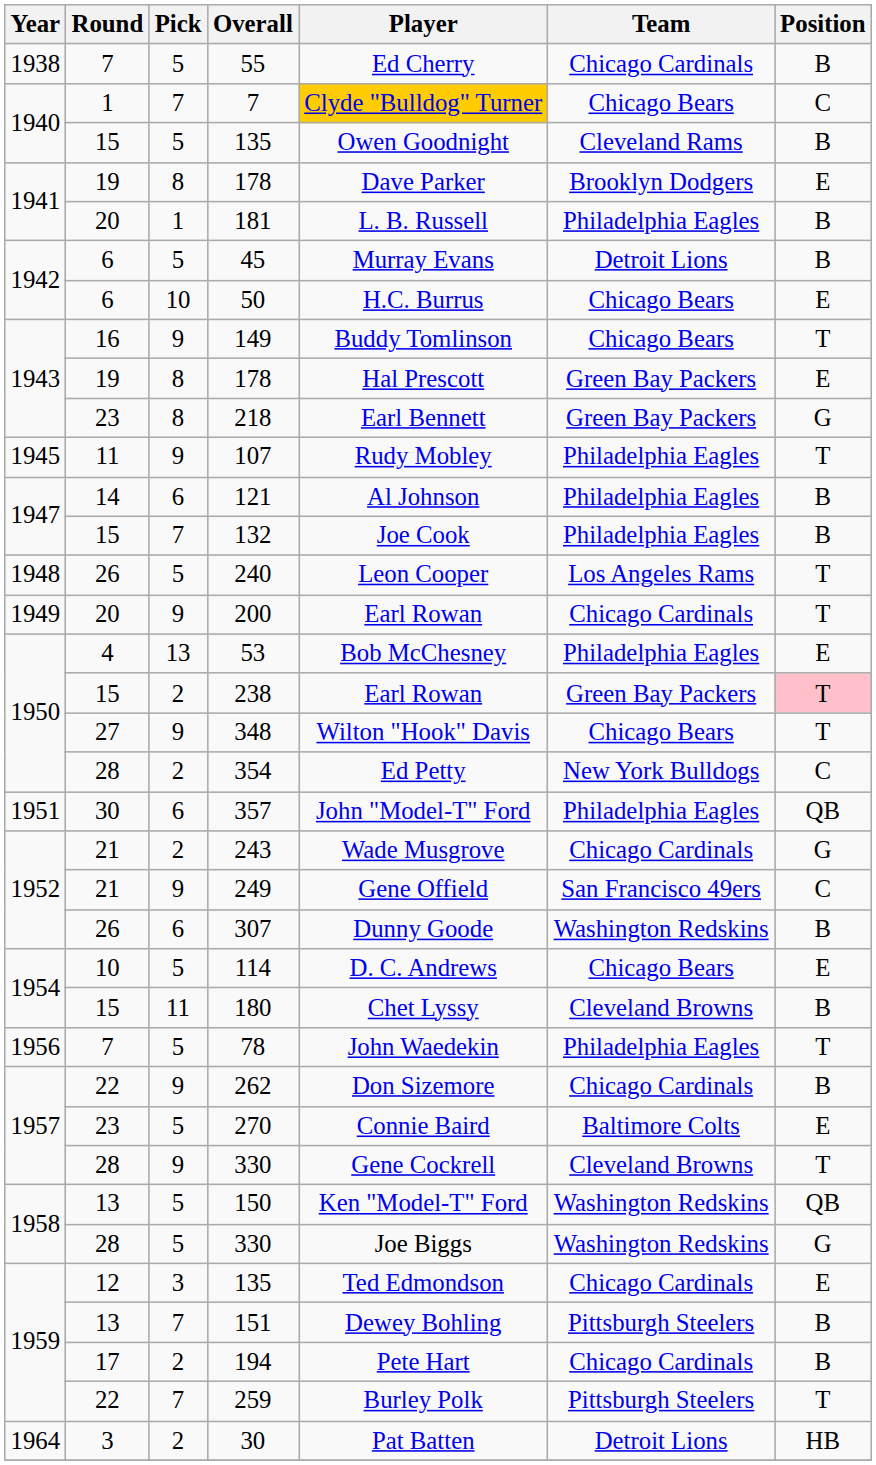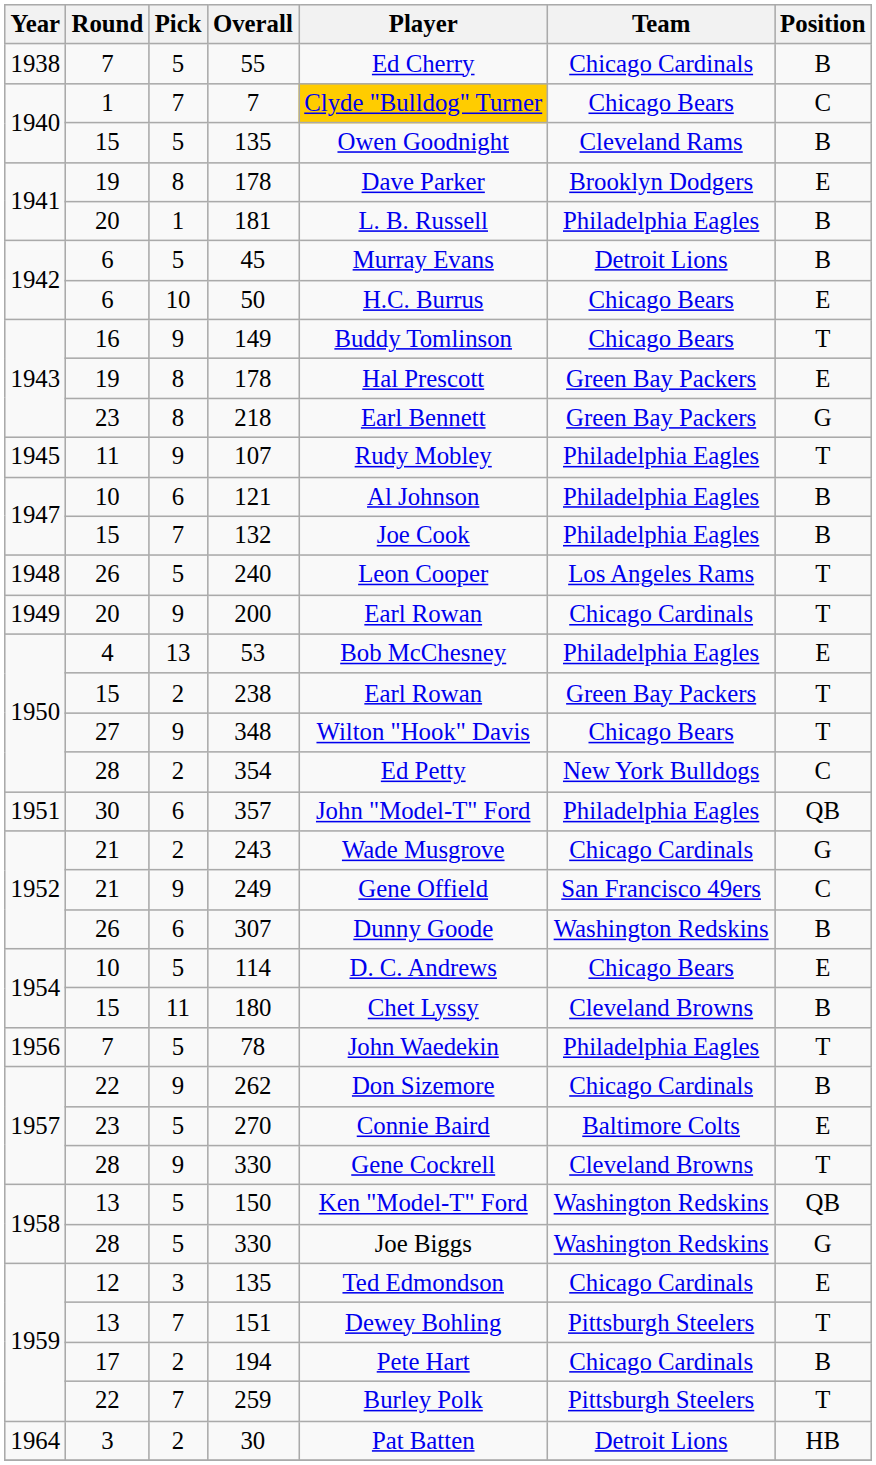 <table class="wikitable sortable" style="text-align: center;">
 <tr>
 <th>Year</th>
 <th>Round</th>
 <th>Pick</th>
 <th>Overall</th>
 <th>Player</th>
 <th>Team</th>
 <th>Position</th>
 </tr>
 <tr>
 <td>1938</td>
 <td>7</td>
 <td>5</td>
 <td>55</td>
 <td><a href='#'>Ed Cherry</a></td>
 <td><a href='#'>Chicago Cardinals</a></td>
 <td>B</td>
 </tr>
 <tr>
 <td rowspan="2">1940</td>
 <td>1</td>
 <td>7</td>
 <td>7</td>
 <td style="background-color:#FFCC00"><a href='#'>Clyde "Bulldog" Turner</a></td>
 <td><a href='#'>Chicago Bears</a></td>
 <td>C</td>
 </tr>
 <tr>
 <td>15</td>
 <td>5</td>
 <td>135</td>
 <td><a href='#'>Owen Goodnight</a></td>
 <td><a href='#'>Cleveland Rams</a></td>
 <td>B</td>
 </tr>
 <tr>
 <td rowspan="2">1941</td>
 <td>19</td>
 <td>8</td>
 <td>178</td>
 <td><a href='#'>Dave Parker</a></td>
 <td><a href='#'>Brooklyn Dodgers</a></td>
 <td>E</td>
 </tr>
 <tr>
 <td>20</td>
 <td>1</td>
 <td>181</td>
 <td><a href='#'>L. B. Russell</a></td>
 <td><a href='#'>Philadelphia Eagles</a></td>
 <td>B</td>
 </tr>
 <tr>
 <td rowspan="2">1942</td>
 <td>6</td>
 <td>5</td>
 <td>45</td>
 <td><a href='#'>Murray Evans</a></td>
 <td><a href='#'>Detroit Lions</a></td>
 <td>B</td>
 </tr>
 <tr>
 <td>6</td>
 <td>10</td>
 <td>50</td>
 <td><a href='#'>H.C. Burrus</a></td>
 <td><a href='#'>Chicago Bears</a></td>
 <td>E</td>
 </tr>
 <tr>
 <td rowspan="3">1943</td>
 <td>16</td>
 <td>9</td>
 <td>149</td>
 <td><a href='#'>Buddy Tomlinson</a></td>
 <td><a href='#'>Chicago Bears</a></td>
 <td>T</td>
 </tr>
 <tr>
 <td>19</td>
 <td>8</td>
 <td>178</td>
 <td><a href='#'>Hal Prescott</a></td>
 <td><a href='#'>Green Bay Packers</a></td>
 <td>E</td>
 </tr>
 <tr>
 <td>23</td>
 <td>8</td>
 <td>218</td>
 <td><a href='#'>Earl Bennett</a></td>
 <td><a href='#'>Green Bay Packers</a></td>
 <td>G</td>
 </tr>
 <tr>
 <td>1945</td>
 <td>11</td>
 <td>9</td>
 <td>107</td>
 <td><a href='#'>Rudy Mobley</a></td>
 <td><a href='#'>Philadelphia Eagles</a></td>
 <td>T</td>
 </tr>
 <tr>
 <td rowspan="2">1947</td>
-<td>14</td>
+<td>10</td>
 <td>6</td>
 <td>121</td>
 <td><a href='#'>Al Johnson</a></td>
 <td><a href='#'>Philadelphia Eagles</a></td>
 <td>B</td>
 </tr>
 <tr>
 <td>15</td>
 <td>7</td>
 <td>132</td>
 <td><a href='#'>Joe Cook</a></td>
 <td><a href='#'>Philadelphia Eagles</a></td>
 <td>B</td>
 </tr>
 <tr>
 <td>1948</td>
 <td>26</td>
 <td>5</td>
 <td>240</td>
 <td><a href='#'>Leon Cooper</a></td>
 <td><a href='#'>Los Angeles Rams</a></td>
 <td>T</td>
 </tr>
 <tr>
 <td>1949</td>
 <td>20</td>
 <td>9</td>
 <td>200</td>
 <td><a href='#'>Earl Rowan</a></td>
 <td><a href='#'>Chicago Cardinals</a></td>
 <td>T</td>
 </tr>
 <tr>
 <td rowspan="4">1950</td>
 <td>4</td>
 <td>13</td>
 <td>53</td>
 <td><a href='#'>Bob McChesney</a></td>
 <td><a href='#'>Philadelphia Eagles</a></td>
 <td>E</td>
 </tr>
 <tr>
 <td>15</td>
 <td>2</td>
 <td>238</td>
 <td><a href='#'>Earl Rowan</a></td>
 <td><a href='#'>Green Bay Packers</a></td>
-<td style="background: pink;">T</td>
+<td>T</td>
 </tr>
 <tr>
 <td>27</td>
 <td>9</td>
 <td>348</td>
 <td><a href='#'>Wilton "Hook" Davis</a></td>
 <td><a href='#'>Chicago Bears</a></td>
 <td>T</td>
 </tr>
 <tr>
 <td>28</td>
 <td>2</td>
 <td>354</td>
 <td><a href='#'>Ed Petty</a></td>
 <td><a href='#'>New York Bulldogs</a></td>
 <td>C</td>
 </tr>
 <tr>
 <td>1951</td>
 <td>30</td>
 <td>6</td>
 <td>357</td>
 <td><a href='#'>John "Model-T" Ford</a></td>
 <td><a href='#'>Philadelphia Eagles</a></td>
 <td>QB</td>
 </tr>
 <tr>
 <td rowspan="3">1952</td>
 <td>21</td>
 <td>2</td>
 <td>243</td>
 <td><a href='#'>Wade Musgrove</a></td>
 <td><a href='#'>Chicago Cardinals</a></td>
 <td>G</td>
 </tr>
 <tr>
 <td>21</td>
 <td>9</td>
 <td>249</td>
 <td><a href='#'>Gene Offield</a></td>
 <td><a href='#'>San Francisco 49ers</a></td>
 <td>C</td>
 </tr>
 <tr>
 <td>26</td>
 <td>6</td>
 <td>307</td>
 <td><a href='#'>Dunny Goode</a></td>
 <td><a href='#'>Washington Redskins</a></td>
 <td>B</td>
 </tr>
 <tr>
 <td rowspan="2">1954</td>
 <td>10</td>
 <td>5</td>
 <td>114</td>
 <td><a href='#'>D. C. Andrews</a></td>
 <td><a href='#'>Chicago Bears</a></td>
 <td>E</td>
 </tr>
 <tr>
 <td>15</td>
 <td>11</td>
 <td>180</td>
 <td><a href='#'>Chet Lyssy</a></td>
 <td><a href='#'>Cleveland Browns</a></td>
 <td>B</td>
 </tr>
 <tr>
 <td>1956</td>
 <td>7</td>
 <td>5</td>
 <td>78</td>
 <td><a href='#'>John Waedekin</a></td>
 <td><a href='#'>Philadelphia Eagles</a></td>
 <td>T</td>
 </tr>
 <tr>
 <td rowspan="3">1957</td>
 <td>22</td>
 <td>9</td>
 <td>262</td>
 <td><a href='#'>Don Sizemore</a></td>
 <td><a href='#'>Chicago Cardinals</a></td>
 <td>B</td>
 </tr>
 <tr>
 <td>23</td>
 <td>5</td>
 <td>270</td>
 <td><a href='#'>Connie Baird</a></td>
 <td><a href='#'>Baltimore Colts</a></td>
 <td>E</td>
 </tr>
 <tr>
 <td>28</td>
 <td>9</td>
 <td>330</td>
 <td><a href='#'>Gene Cockrell</a></td>
 <td><a href='#'>Cleveland Browns</a></td>
 <td>T</td>
 </tr>
 <tr>
 <td rowspan="2">1958</td>
 <td>13</td>
 <td>5</td>
 <td>150</td>
 <td><a href='#'>Ken "Model-T" Ford</a></td>
 <td><a href='#'>Washington Redskins</a></td>
 <td>QB</td>
 </tr>
 <tr>
 <td>28</td>
 <td>5</td>
 <td>330</td>
 <td>Joe Biggs</td>
 <td><a href='#'>Washington Redskins</a></td>
 <td>G</td>
 </tr>
 <tr>
 <td rowspan="4">1959</td>
 <td>12</td>
 <td>3</td>
 <td>135</td>
 <td><a href='#'>Ted Edmondson</a></td>
 <td><a href='#'>Chicago Cardinals</a></td>
 <td>E</td>
 </tr>
 <tr>
 <td>13</td>
 <td>7</td>
 <td>151</td>
 <td><a href='#'>Dewey Bohling</a></td>
 <td><a href='#'>Pittsburgh Steelers</a></td>
-<td>B</td>
+<td>T</td>
 </tr>
 <tr>
 <td>17</td>
 <td>2</td>
 <td>194</td>
 <td><a href='#'>Pete Hart</a></td>
 <td><a href='#'>Chicago Cardinals</a></td>
 <td>B</td>
 </tr>
 <tr>
 <td>22</td>
 <td>7</td>
 <td>259</td>
 <td><a href='#'>Burley Polk</a></td>
 <td><a href='#'>Pittsburgh Steelers</a></td>
 <td>T</td>
 </tr>
 <tr>
 <td>1964</td>
 <td>3</td>
 <td>2</td>
 <td>30</td>
 <td><a href='#'>Pat Batten</a></td>
 <td><a href='#'>Detroit Lions</a></td>
 <td>HB</td>
 </tr>
 <tr>
 </tr>
 </table>
